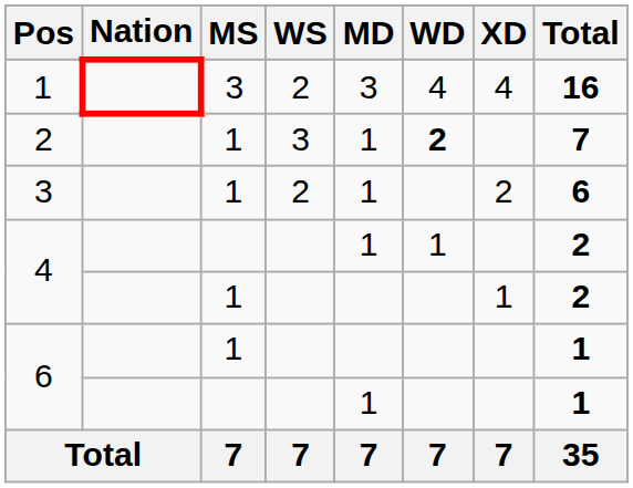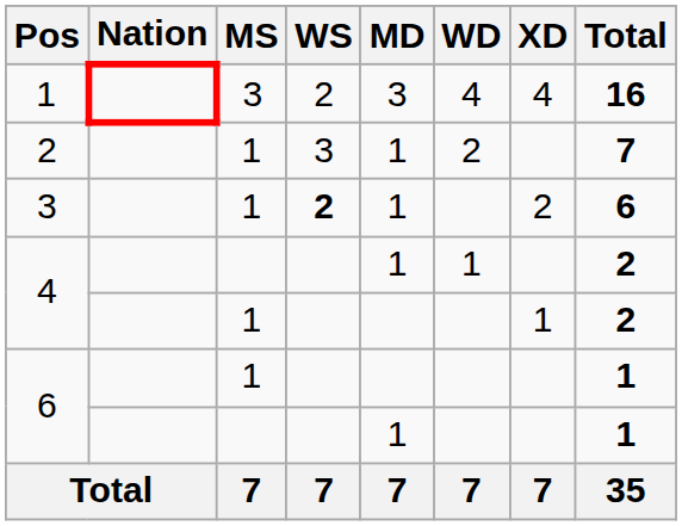 <table class="wikitable" style="text-align:center">
 <tr>
 <th>Pos</th>
 <th>Nation</th>
 <th>MS</th>
 <th>WS</th>
 <th>MD</th>
 <th>WD</th>
 <th>XD</th>
 <th>Total</th>
 </tr>
 <tr>
 <td>1</td>
 <td align="left" style="border: 3px solid red"></td>
 <td>3</td>
 <td>2</td>
 <td>3</td>
 <td>4</td>
 <td>4</td>
 <td><strong>16</strong></td>
 </tr>
 <tr>
 <td>2</td>
 <td align="left"></td>
 <td>1</td>
 <td>3</td>
 <td>1</td>
-<td><strong>2</strong></td>
+<td>2</td>
 <td></td>
 <td><strong>7</strong></td>
 </tr>
 <tr>
 <td>3</td>
 <td align="left"></td>
 <td>1</td>
-<td>2</td>
+<td><strong>2</strong></td>
 <td>1</td>
 <td></td>
 <td>2</td>
 <td><strong>6</strong></td>
 </tr>
 <tr>
 <td rowspan="2">4</td>
 <td align="left"></td>
 <td></td>
 <td></td>
 <td>1</td>
 <td>1</td>
 <td></td>
 <td><strong>2</strong></td>
 </tr>
 <tr>
 <td align="left"></td>
 <td>1</td>
 <td></td>
 <td></td>
 <td></td>
 <td>1</td>
 <td><strong>2</strong></td>
 </tr>
 <tr>
 <td rowspan="2">6</td>
 <td align="left"></td>
 <td>1</td>
 <td></td>
 <td></td>
 <td></td>
 <td></td>
 <td><strong>1</strong></td>
 </tr>
 <tr>
 <td align="left"></td>
 <td></td>
 <td></td>
 <td>1</td>
 <td></td>
 <td></td>
 <td><strong>1</strong></td>
 </tr>
 <tr>
 <th colspan="2">Total</th>
 <th>7</th>
 <th>7</th>
 <th>7</th>
 <th>7</th>
 <th>7</th>
 <th>35</th>
 </tr>
 </table>
